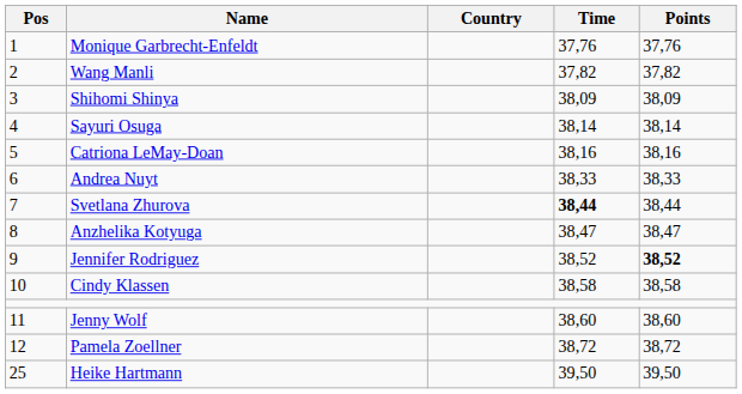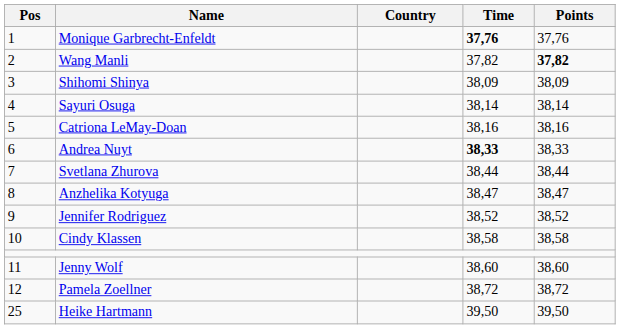 <table class="prettytable" style="width:55%;">
 <tr>
 <th>Pos</th>
 <th>Name</th>
 <th>Country</th>
 <th>Time</th>
 <th>Points</th>
 </tr>
 <tr>
 <td>1</td>
 <td><a href='#'>Monique Garbrecht-Enfeldt</a></td>
 <td></td>
-<td>37,76</td>
+<td><strong>37,76</strong></td>
 <td>37,76</td>
 </tr>
 <tr>
 <td>2</td>
 <td><a href='#'>Wang Manli</a></td>
 <td></td>
 <td>37,82</td>
-<td>37,82</td>
+<td><strong>37,82</strong></td>
 </tr>
 <tr>
 <td>3</td>
 <td><a href='#'>Shihomi Shinya</a></td>
 <td></td>
 <td>38,09</td>
 <td>38,09</td>
 </tr>
 <tr>
 <td>4</td>
 <td><a href='#'>Sayuri Osuga</a></td>
 <td></td>
 <td>38,14</td>
 <td>38,14</td>
 </tr>
 <tr>
 <td>5</td>
 <td><a href='#'>Catriona LeMay-Doan</a></td>
 <td></td>
 <td>38,16</td>
 <td>38,16</td>
 </tr>
 <tr>
 <td>6</td>
 <td><a href='#'>Andrea Nuyt</a></td>
 <td></td>
-<td>38,33</td>
+<td><strong>38,33</strong></td>
 <td>38,33</td>
 </tr>
 <tr>
 <td>7</td>
 <td><a href='#'>Svetlana Zhurova</a></td>
 <td></td>
-<td><strong>38,44</strong></td>
+<td>38,44</td>
 <td>38,44</td>
 </tr>
 <tr>
 <td>8</td>
 <td><a href='#'>Anzhelika Kotyuga</a></td>
 <td></td>
 <td>38,47</td>
 <td>38,47</td>
 </tr>
 <tr>
 <td>9</td>
 <td><a href='#'>Jennifer Rodriguez</a></td>
 <td></td>
 <td>38,52</td>
-<td><strong>38,52</strong></td>
+<td>38,52</td>
 </tr>
 <tr>
 <td>10</td>
 <td><a href='#'>Cindy Klassen</a></td>
 <td></td>
 <td>38,58</td>
 <td>38,58</td>
 </tr>
 <tr>
 <td colspan="5"></td>
 </tr>
 <tr>
 <td>11</td>
 <td><a href='#'>Jenny Wolf</a></td>
 <td></td>
 <td>38,60</td>
 <td>38,60</td>
 </tr>
 <tr>
 <td>12</td>
 <td><a href='#'>Pamela Zoellner</a></td>
 <td></td>
 <td>38,72</td>
 <td>38,72</td>
 </tr>
 <tr>
 <td>25</td>
 <td><a href='#'>Heike Hartmann</a></td>
 <td></td>
 <td>39,50</td>
 <td>39,50</td>
 </tr>
 </table>
